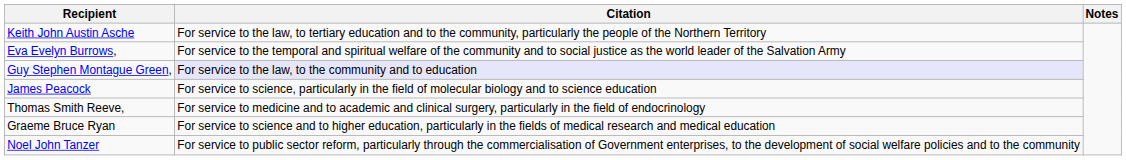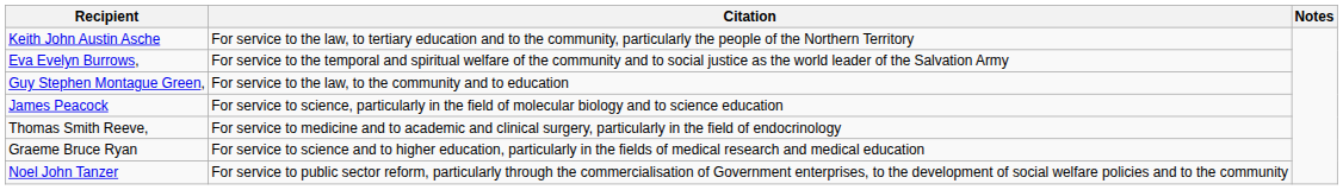 <table class="wikitable" style="font-size:95%;">
 <tr>
 <th>Recipient</th>
 <th>Citation</th>
 <th>Notes</th>
 </tr>
 <tr>
 <td> <a href='#'>Keith John Austin Asche</a></td>
 <td>For service to the law, to tertiary education and to the community, particularly the people of the Northern Territory</td>
 <td rowspan=7></td>
 </tr>
 <tr>
 <td> <a href='#'>Eva Evelyn Burrows</a>, </td>
 <td>For service to the temporal and spiritual welfare of the community and to social justice as the world leader of the Salvation Army</td>
 </tr>
 <tr>
 <td> <a href='#'>Guy Stephen Montague Green</a>, </td>
-<td style="background: lavender;">For service to the law, to the community and to education</td>
+<td>For service to the law, to the community and to education</td>
 </tr>
 <tr>
 <td> <a href='#'>James Peacock</a></td>
 <td>For service to science, particularly in the field of molecular biology and to science education</td>
 </tr>
 <tr>
 <td> Thomas Smith Reeve, </td>
 <td>For service to medicine and to academic and clinical surgery, particularly in the field of endocrinology</td>
 </tr>
 <tr>
 <td> Graeme Bruce Ryan</td>
 <td>For service to science and to higher education, particularly in the fields of medical research and medical education</td>
 </tr>
 <tr>
 <td><a href='#'>Noel John Tanzer</a></td>
 <td>For service to public sector reform, particularly through the commercialisation of Government enterprises, to the development of social welfare policies and to the community</td>
 </tr>
 </table>
